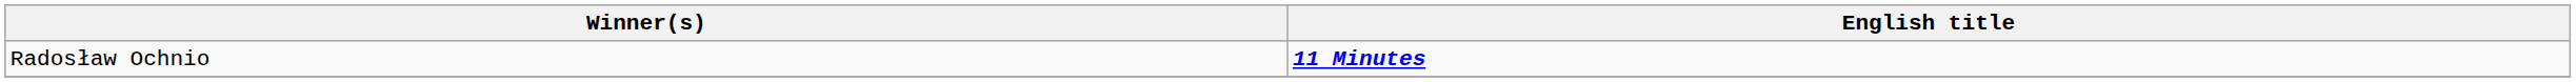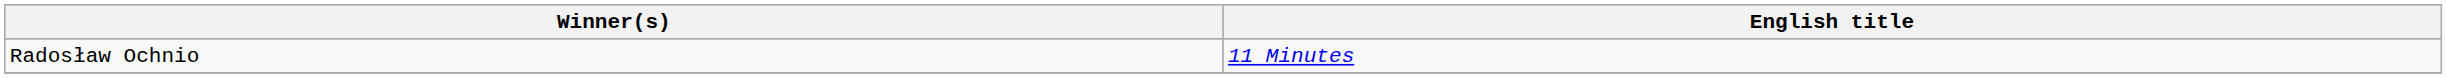 <table class="wikitable" width="95%" cellpadding="5">
 <tr>
 <th width="18%">Winner(s)</th>
 <th width="18%">English title</th>
 </tr>
 <tr>
 <td> Radosław Ochnio</td>
-<td><strong><em><a href='#'>11 Minutes</a></em></strong></td>
+<td><em><a href='#'>11 Minutes</a></em></td>
 </tr>
 <tr>
 </tr>
 </table>
